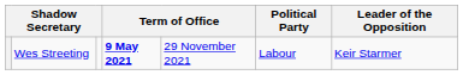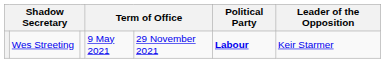 <table class="wikitable">
 <tr>
 <th colspan="3">Shadow Secretary</th>
 <th colspan="2">Term of Office</th>
 <th>Political Party</th>
 <th>Leader of the Opposition</th>
 </tr>
 <tr>
 <th style="background-color: "></th>
 <td><a href='#'>Wes Streeting</a> </td>
 <td></td>
-<td><strong><a href='#'>9 May 2021</a></strong></td>
+<td><a href='#'>9 May 2021</a></td>
 <td><a href='#'>29 November 2021</a></td>
-<td><a href='#'>Labour</a></td>
+<td><strong><a href='#'>Labour</a></strong></td>
 <td><a href='#'>Keir Starmer</a></td>
 </tr>
 </table>
